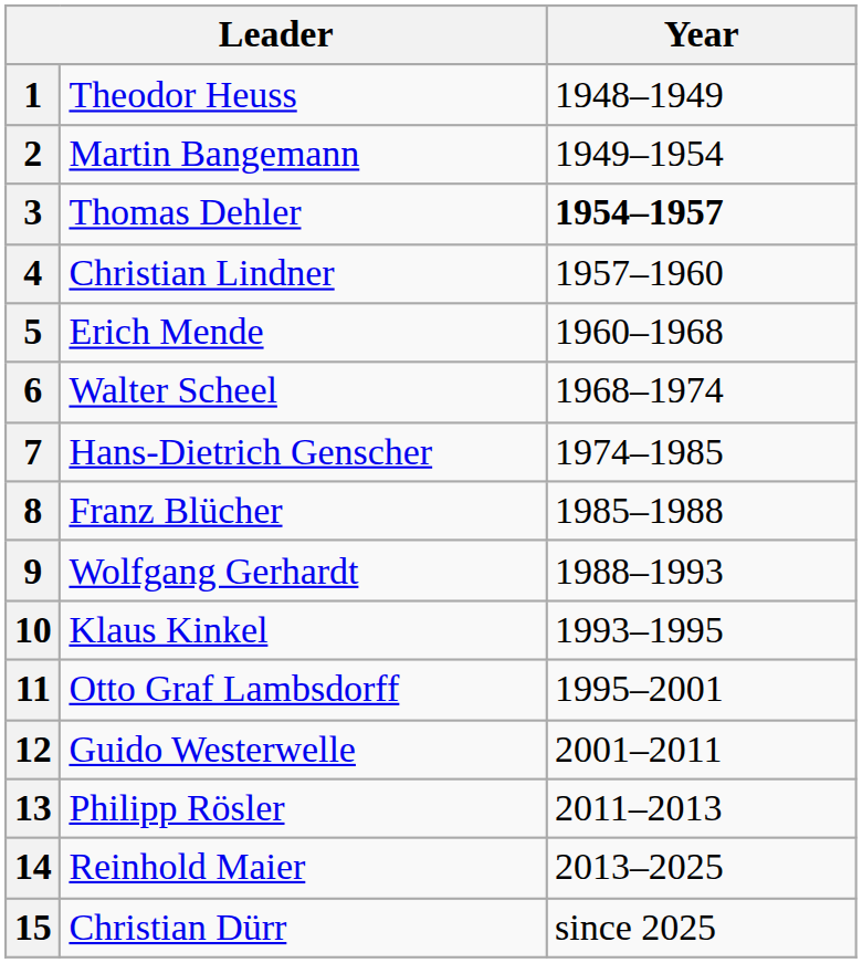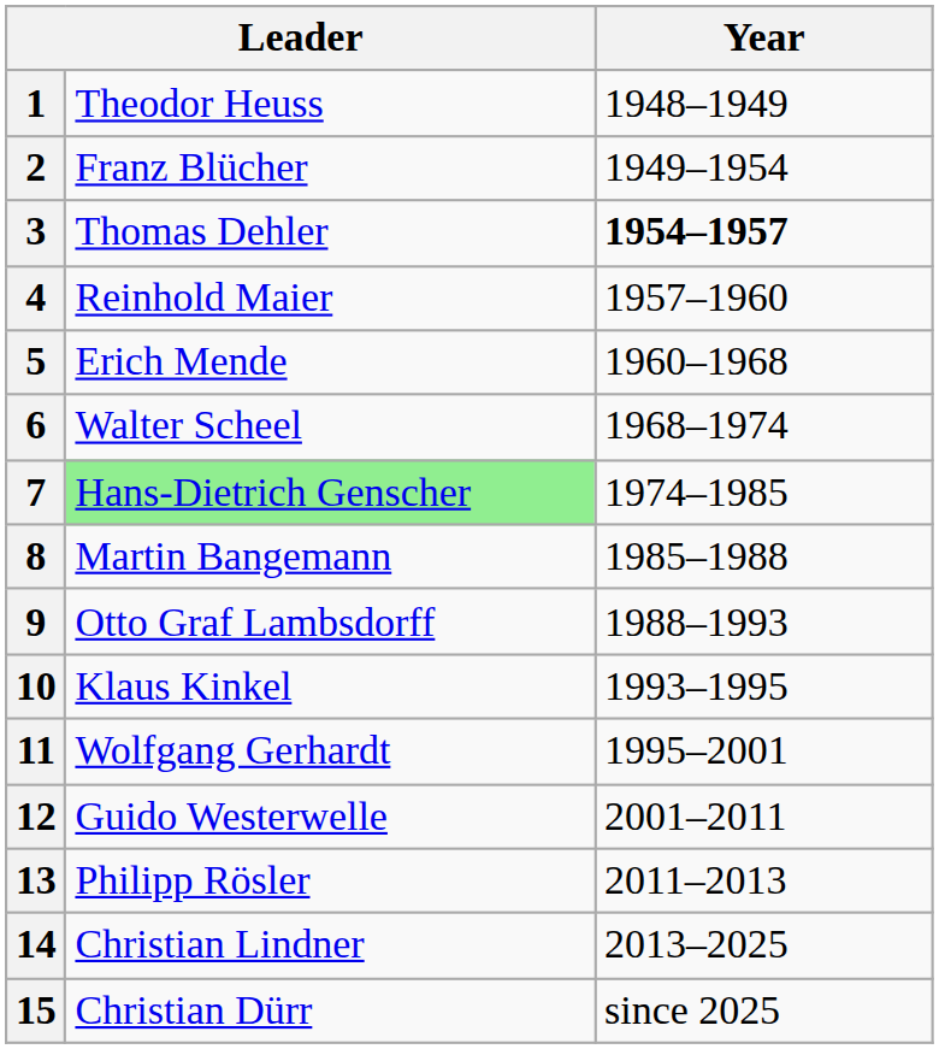 <table class="wikitable">
 <tr>
 <th colspan=2>Leader</th>
 <th>Year</th>
 </tr>
 <tr>
 <th style="background:">1</th>
 <td style="width:200px;"><a href='#'>Theodor Heuss</a></td>
 <td style="width:125px;">1948–1949</td>
 </tr>
 <tr>
 <th style="background:">2</th>
-<td style="width:200px;"><a href='#'>Martin Bangemann</a></td>
+<td style="width:200px;"><a href='#'>Franz Blücher</a></td>
 <td style="width:125px;">1949–1954</td>
 </tr>
 <tr>
 <th style="background:">3</th>
 <td style="width:200px;"><a href='#'>Thomas Dehler</a></td>
 <td style="width:125px;"><strong>1954–1957</strong></td>
 </tr>
 <tr>
 <th style="background:">4</th>
-<td style="width:200px;"><a href='#'>Christian Lindner</a></td>
+<td style="width:200px;"><a href='#'>Reinhold Maier</a></td>
 <td style="width:125px;">1957–1960</td>
 </tr>
 <tr>
 <th style="background:">5</th>
 <td style="width:200px;"><a href='#'>Erich Mende</a></td>
 <td style="width:125px;">1960–1968</td>
 </tr>
 <tr>
 <th style="background:">6</th>
 <td style="width:200px;"><a href='#'>Walter Scheel</a></td>
 <td style="width:125px;">1968–1974</td>
 </tr>
 <tr>
 <th style="background:">7</th>
-<td style="width:200px;"><a href='#'>Hans-Dietrich Genscher</a></td>
+<td style="background: lightgreen; width:200px;"><a href='#'>Hans-Dietrich Genscher</a></td>
 <td style="width:125px;">1974–1985</td>
 </tr>
 <tr>
 <th style="background:">8</th>
-<td style="width:200px;"><a href='#'>Franz Blücher</a></td>
+<td style="width:200px;"><a href='#'>Martin Bangemann</a></td>
 <td style="width:125px;">1985–1988</td>
 </tr>
 <tr>
 <th style="background:">9</th>
-<td style="width:200px;"><a href='#'>Wolfgang Gerhardt</a></td>
+<td style="width:200px;"><a href='#'>Otto Graf Lambsdorff</a></td>
 <td style="width:125px;">1988–1993</td>
 </tr>
 <tr>
 <th style="background:">10</th>
 <td style="width:200px;"><a href='#'>Klaus Kinkel</a></td>
 <td style="width:125px;">1993–1995</td>
 </tr>
 <tr>
 <th style="background:">11</th>
-<td style="width:200px;"><a href='#'>Otto Graf Lambsdorff</a></td>
+<td style="width:200px;"><a href='#'>Wolfgang Gerhardt</a></td>
 <td style="width:125px;">1995–2001</td>
 </tr>
 <tr>
 <th style="background:">12</th>
 <td style="width:200px;"><a href='#'>Guido Westerwelle</a></td>
 <td style="width:125px;">2001–2011</td>
 </tr>
 <tr>
 <th style="background:">13</th>
 <td style="width:200px;"><a href='#'>Philipp Rösler</a></td>
 <td style="width:125px;">2011–2013</td>
 </tr>
 <tr>
 <th style="background:">14</th>
-<td style="width:200px;"><a href='#'>Reinhold Maier</a></td>
+<td style="width:200px;"><a href='#'>Christian Lindner</a></td>
 <td style="width:125px;">2013–2025</td>
 </tr>
 <tr>
 <th style="background:">15</th>
 <td><a href='#'>Christian Dürr</a></td>
 <td>since 2025</td>
 </tr>
 </table>
